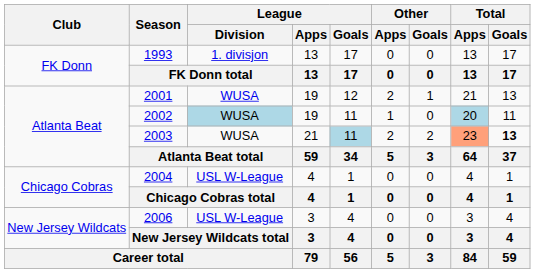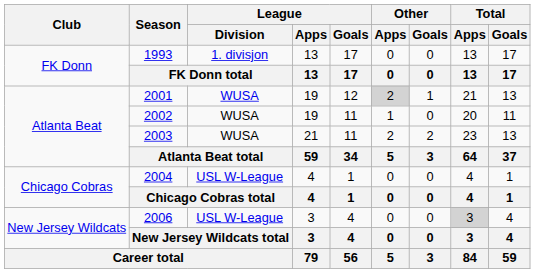 <table class="wikitable" style="text-align: center;">
 <tr>
 <th rowspan=2>Club</th>
 <th rowspan=2>Season</th>
 <th colspan=3>League</th>
 <th colspan=2>Other</th>
 <th colspan=2>Total</th>
 </tr>
 <tr>
 <th>Division</th>
 <th>Apps</th>
 <th>Goals</th>
 <th>Apps</th>
 <th>Goals</th>
 <th>Apps</th>
 <th>Goals</th>
 </tr>
 <tr>
 <td rowspan=2><a href='#'>FK Donn</a></td>
 <td><a href='#'>1993</a></td>
 <td><a href='#'>1. divisjon</a></td>
 <td>13</td>
 <td>17</td>
 <td>0</td>
 <td>0</td>
 <td>13</td>
 <td>17</td>
 </tr>
 <tr>
 <th colspan=2>FK Donn total</th>
 <th>13</th>
 <th>17</th>
 <th>0</th>
 <th>0</th>
 <th>13</th>
 <th>17</th>
 </tr>
 <tr>
 <td rowspan=4><a href='#'>Atlanta Beat</a></td>
 <td><a href='#'>2001</a></td>
 <td><a href='#'>WUSA</a></td>
 <td>19</td>
 <td>12</td>
-<td>2</td>
+<td style="background: lightgrey;">2</td>
 <td>1</td>
 <td>21</td>
 <td>13</td>
 </tr>
 <tr>
 <td><a href='#'>2002</a></td>
-<td style="background: lightblue;">WUSA</td>
+<td>WUSA</td>
 <td>19</td>
 <td>11</td>
 <td>1</td>
 <td>0</td>
-<td style="background: lightblue;">20</td>
+<td>20</td>
 <td>11</td>
 </tr>
 <tr>
 <td><a href='#'>2003</a></td>
 <td>WUSA</td>
 <td>21</td>
-<td style="background: lightblue;">11</td>
+<td>11</td>
 <td>2</td>
 <td>2</td>
-<td style="background: lightsalmon;">23</td>
-<td><strong>13</strong></td>
+<td>23</td>
+<td>13</td>
 </tr>
 <tr>
 <th colspan=2>Atlanta Beat total</th>
 <th>59</th>
 <th>34</th>
 <th>5</th>
 <th>3</th>
 <th>64</th>
 <th>37</th>
 </tr>
 <tr>
 <td rowspan=2><a href='#'>Chicago Cobras</a></td>
 <td><a href='#'>2004</a></td>
 <td><a href='#'>USL W-League</a></td>
 <td>4</td>
 <td>1</td>
 <td>0</td>
 <td>0</td>
 <td>4</td>
 <td>1</td>
 </tr>
 <tr>
 <th colspan=2>Chicago Cobras total</th>
 <th>4</th>
 <th>1</th>
 <th>0</th>
 <th>0</th>
 <th>4</th>
 <th>1</th>
 </tr>
 <tr>
 <td rowspan=2><a href='#'>New Jersey Wildcats</a></td>
 <td><a href='#'>2006</a></td>
 <td><a href='#'>USL W-League</a></td>
 <td>3</td>
 <td>4</td>
 <td>0</td>
 <td>0</td>
-<td>3</td>
+<td style="background: lightgrey;">3</td>
 <td>4</td>
 </tr>
 <tr>
 <th colspan=2>New Jersey Wildcats total</th>
 <th>3</th>
 <th>4</th>
 <th>0</th>
 <th>0</th>
 <th>3</th>
 <th>4</th>
 </tr>
 <tr>
 <th colspan=3>Career total</th>
 <th>79</th>
 <th>56</th>
 <th>5</th>
 <th>3</th>
 <th>84</th>
 <th>59</th>
 </tr>
 </table>
